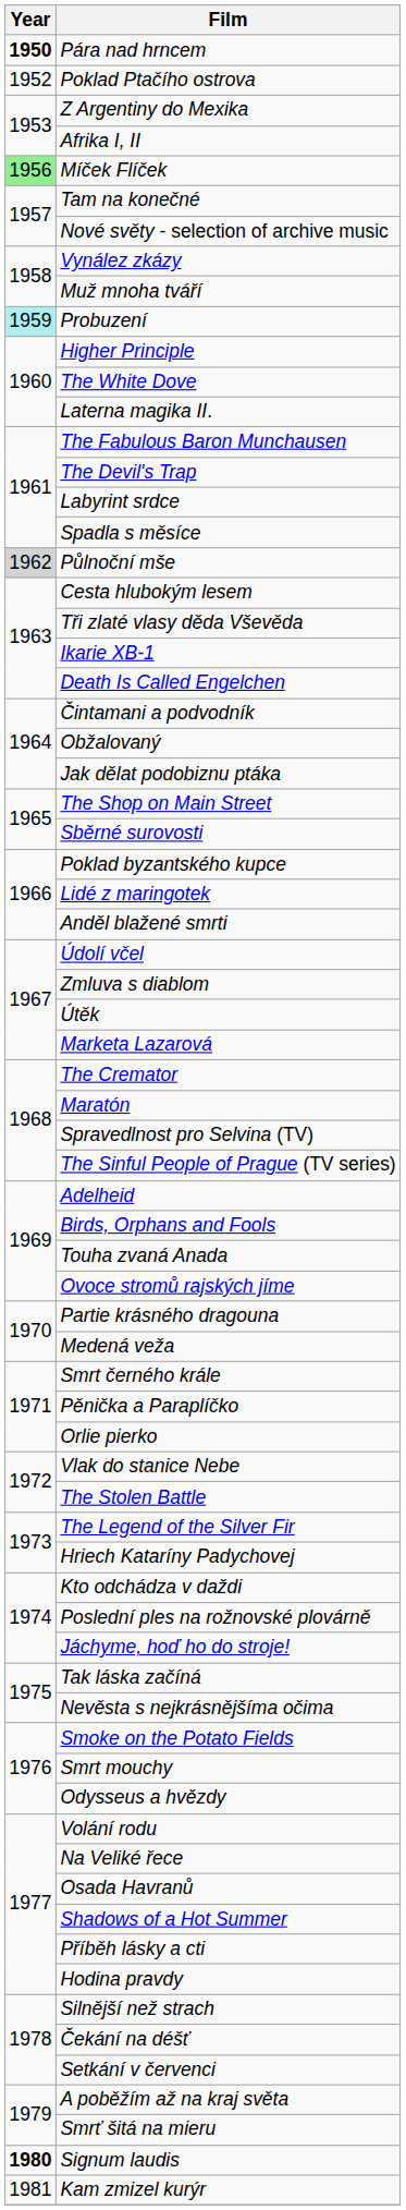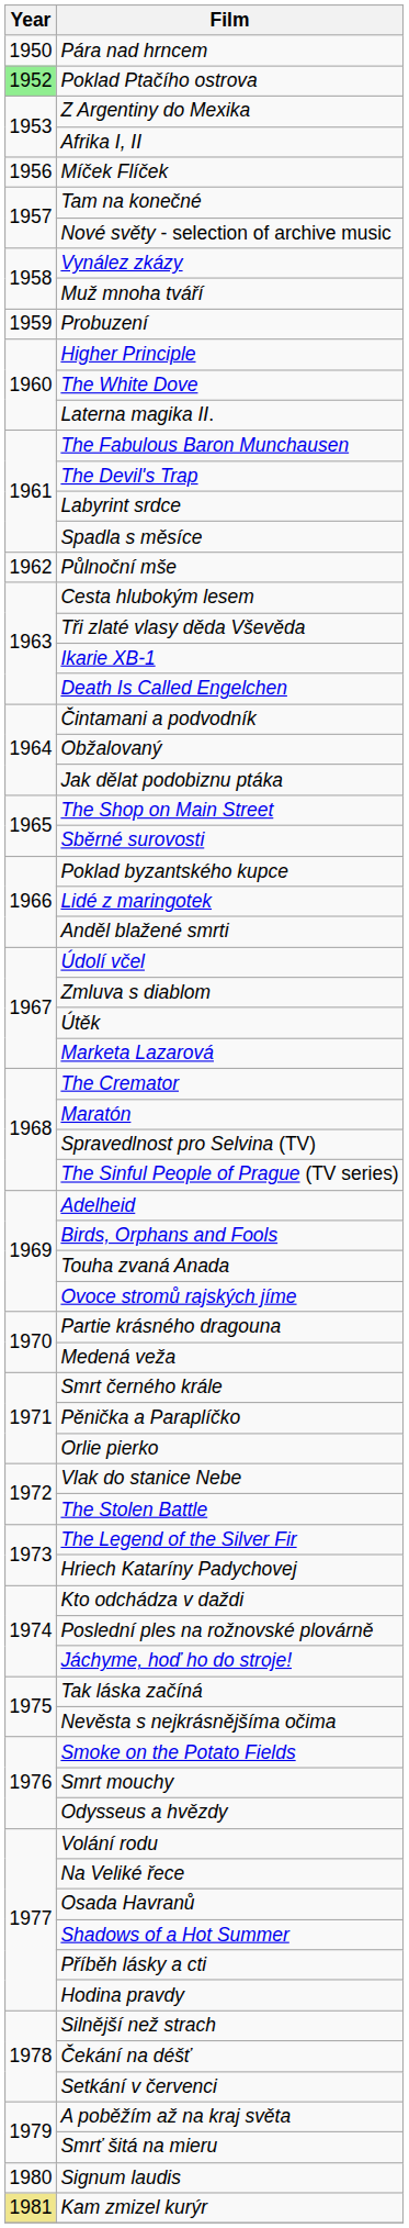 <table class="wikitable sortable">
 <tr>
 <th>Year</th>
 <th>Film</th>
 </tr>
 <tr>
-<td style="text-align:center;"><strong>1950</strong></td>
+<td style="text-align:center;">1950</td>
 <td><em>Pára nad hrncem</em></td>
 </tr>
 <tr>
-<td style="text-align:center;">1952</td>
+<td style="background: lightgreen; text-align:center;">1952</td>
 <td><em>Poklad Ptačího ostrova</em></td>
 </tr>
 <tr>
 <td rowspan="2" style="text-align:center;">1953</td>
 <td><em>Z Argentiny do Mexika</em></td>
 </tr>
 <tr>
 <td><em>Afrika I, II</em></td>
 </tr>
 <tr>
-<td style="background: lightgreen; text-align:center;">1956</td>
+<td style="text-align:center;">1956</td>
 <td><em>Míček Flíček</em></td>
 </tr>
 <tr>
 <td rowspan="2" style="text-align:center;">1957</td>
 <td><em>Tam na konečné</em></td>
 </tr>
 <tr>
 <td><em>Nové světy</em> - selection of archive music</td>
 </tr>
 <tr>
 <td rowspan="2" style="text-align:center;">1958</td>
 <td><em><a href='#'>Vynález zkázy</a></em></td>
 </tr>
 <tr>
 <td><em>Muž mnoha tváří</em></td>
 </tr>
 <tr>
-<td style="background: paleturquoise; text-align:center;">1959</td>
+<td style="text-align:center;">1959</td>
 <td><em>Probuzení</em></td>
 </tr>
 <tr>
 <td rowspan="3" style="text-align:center;">1960</td>
 <td><em><a href='#'>Higher Principle</a></em></td>
 </tr>
 <tr>
 <td><em><a href='#'>The White Dove</a></em></td>
 </tr>
 <tr>
 <td><em>Laterna magika II</em>.</td>
 </tr>
 <tr>
 <td rowspan="4" style="text-align:center;">1961</td>
 <td><em><a href='#'>The Fabulous Baron Munchausen</a></em></td>
 </tr>
 <tr>
 <td><em><a href='#'>The Devil's Trap</a></em></td>
 </tr>
 <tr>
 <td><em>Labyrint srdce</em></td>
 </tr>
 <tr>
 <td><em>Spadla s měsíce</em></td>
 </tr>
 <tr>
-<td style="background: lightgrey; text-align:center;">1962</td>
+<td style="text-align:center;">1962</td>
 <td><em>Půlnoční mše</em></td>
 </tr>
 <tr>
 <td rowspan="4" style="text-align:center;">1963</td>
 <td><em>Cesta hlubokým lesem</em></td>
 </tr>
 <tr>
 <td><em>Tři zlaté vlasy děda Vševěda</em></td>
 </tr>
 <tr>
 <td><em><a href='#'>Ikarie XB-1</a></em></td>
 </tr>
 <tr>
 <td><em><a href='#'>Death Is Called Engelchen</a></em></td>
 </tr>
 <tr>
 <td rowspan="3" style="text-align:center;">1964</td>
 <td><em>Čintamani a podvodník</em></td>
 </tr>
 <tr>
 <td><em>Obžalovaný</em></td>
 </tr>
 <tr>
 <td><em>Jak dělat podobiznu ptáka</em></td>
 </tr>
 <tr>
 <td rowspan="2" style="text-align:center;">1965</td>
 <td><em><a href='#'>The Shop on Main Street</a></em></td>
 </tr>
 <tr>
 <td><em><a href='#'>Sběrné surovosti</a></em></td>
 </tr>
 <tr>
 <td rowspan="3" style="text-align:center;">1966</td>
 <td><em>Poklad byzantského kupce</em></td>
 </tr>
 <tr>
 <td><em><a href='#'>Lidé z maringotek</a></em></td>
 </tr>
 <tr>
 <td><em>Anděl blažené smrti</em></td>
 </tr>
 <tr>
 <td rowspan="4" style="text-align:center;">1967</td>
 <td><em><a href='#'>Údolí včel</a></em></td>
 </tr>
 <tr>
 <td><em>Zmluva s diablom</em></td>
 </tr>
 <tr>
 <td><em>Útěk</em></td>
 </tr>
 <tr>
 <td><em><a href='#'>Marketa Lazarová</a></em></td>
 </tr>
 <tr>
 <td rowspan="4" style="text-align:center;">1968</td>
 <td><em><a href='#'>The Cremator</a></em></td>
 </tr>
 <tr>
 <td><em><a href='#'>Maratón</a></em></td>
 </tr>
 <tr>
 <td><em>Spravedlnost pro Selvina</em> (TV)</td>
 </tr>
 <tr>
 <td><em><a href='#'>The Sinful People of Prague</a></em> (TV series)</td>
 </tr>
 <tr>
 <td rowspan="4" style="text-align:center;">1969</td>
 <td><em><a href='#'>Adelheid</a></em></td>
 </tr>
 <tr>
 <td><em><a href='#'>Birds, Orphans and Fools</a></em></td>
 </tr>
 <tr>
 <td><em>Touha zvaná Anada</em></td>
 </tr>
 <tr>
 <td><em><a href='#'>Ovoce stromů rajských jíme</a></em></td>
 </tr>
 <tr>
 <td rowspan="2" style="text-align:center;">1970</td>
 <td><em>Partie krásného dragouna</em></td>
 </tr>
 <tr>
 <td><em>Medená veža</em></td>
 </tr>
 <tr>
 <td rowspan="3" style="text-align:center;">1971</td>
 <td><em>Smrt černého krále</em></td>
 </tr>
 <tr>
 <td><em>Pěnička a Paraplíčko</em></td>
 </tr>
 <tr>
 <td><em>Orlie pierko</em></td>
 </tr>
 <tr>
 <td rowspan="2" style="text-align:center;">1972</td>
 <td><em>Vlak do stanice Nebe</em></td>
 </tr>
 <tr>
 <td><em><a href='#'>The Stolen Battle</a></em></td>
 </tr>
 <tr>
 <td rowspan="2" style="text-align:center;">1973</td>
 <td><em><a href='#'>The Legend of the Silver Fir</a></em></td>
 </tr>
 <tr>
 <td><em>Hriech Kataríny Padychovej</em></td>
 </tr>
 <tr>
 <td rowspan="3" style="text-align:center;">1974</td>
 <td><em>Kto odchádza v daždi</em></td>
 </tr>
 <tr>
 <td><em>Poslední ples na rožnovské plovárně</em></td>
 </tr>
 <tr>
 <td><em><a href='#'>Jáchyme, hoď ho do stroje!</a></em></td>
 </tr>
 <tr>
 <td rowspan="2" style="text-align:center;">1975</td>
 <td><em>Tak láska začíná</em></td>
 </tr>
 <tr>
 <td><em>Nevěsta s nejkrásnějšíma očima</em></td>
 </tr>
 <tr>
 <td rowspan="3" style="text-align:center;">1976</td>
 <td><em><a href='#'>Smoke on the Potato Fields</a></em></td>
 </tr>
 <tr>
 <td><em>Smrt mouchy</em></td>
 </tr>
 <tr>
 <td><em>Odysseus a hvězdy</em></td>
 </tr>
 <tr>
 <td rowspan="6" style="text-align:center;">1977</td>
 <td><em>Volání rodu</em></td>
 </tr>
 <tr>
 <td><em>Na Veliké řece</em></td>
 </tr>
 <tr>
 <td><em>Osada Havranů</em></td>
 </tr>
 <tr>
 <td><em><a href='#'>Shadows of a Hot Summer</a></em></td>
 </tr>
 <tr>
 <td><em>Příběh lásky a cti</em></td>
 </tr>
 <tr>
 <td><em>Hodina pravdy</em></td>
 </tr>
 <tr>
 <td rowspan="3" style="text-align:center;">1978</td>
 <td><em>Silnější než strach</em></td>
 </tr>
 <tr>
 <td><em>Čekání na déšť</em></td>
 </tr>
 <tr>
 <td><em>Setkání v červenci</em></td>
 </tr>
 <tr>
 <td rowspan="2" style="text-align:center;">1979</td>
 <td><em>A poběžím až na kraj světa</em></td>
 </tr>
 <tr>
 <td><em>Smrť šitá na mieru</em></td>
 </tr>
 <tr>
-<td style="text-align:center;"><strong>1980</strong></td>
+<td style="text-align:center;">1980</td>
 <td><em>Signum laudis</em></td>
 </tr>
 <tr>
-<td style="text-align:center;">1981</td>
+<td style="background: khaki; text-align:center;">1981</td>
 <td><em>Kam zmizel kurýr</em></td>
 </tr>
 <tr>
 </tr>
 </table>
